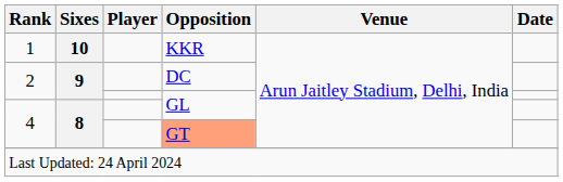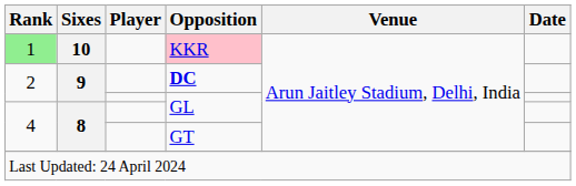 <table class="wikitable">
 <tr>
 <th>Rank</th>
 <th>Sixes</th>
 <th>Player</th>
 <th>Opposition</th>
 <th>Venue</th>
 <th>Date</th>
 </tr>
 <tr>
-<td align=center>1</td>
+<td align=center style="background: lightgreen;">1</td>
 <th scope=row style=text-align:center;>10</th>
 <td></td>
-<td><a href='#'>KKR</a></td>
+<td style="background: pink;"><a href='#'>KKR</a></td>
 <td rowspan=5><a href='#'>Arun Jaitley Stadium</a>, <a href='#'>Delhi</a>, India</td>
 <td></td>
 </tr>
 <tr>
 <td align=center rowspan=2>2</td>
 <th scope=row style=text-align:center; rowspan=2>9</th>
 <td></td>
-<td><a href='#'>DC</a></td>
+<td><strong><a href='#'>DC</a></strong></td>
 <td></td>
 </tr>
 <tr>
 <td></td>
 <td rowspan=2><a href='#'>GL</a></td>
 <td></td>
 </tr>
 <tr>
 <td align=center rowspan=2>4</td>
 <th scope=row style=text-align:center; rowspan=2>8</th>
 <td></td>
 <td></td>
 </tr>
 <tr>
 <td></td>
-<td style="background: lightsalmon;"><a href='#'>GT</a></td>
+<td><a href='#'>GT</a></td>
 <td></td>
 </tr>
 <tr>
 </tr>
 <tr class=sortbottom>
 <td colspan=6><small>Last Updated: 24 April 2024</small></td>
 </tr>
 </table>
